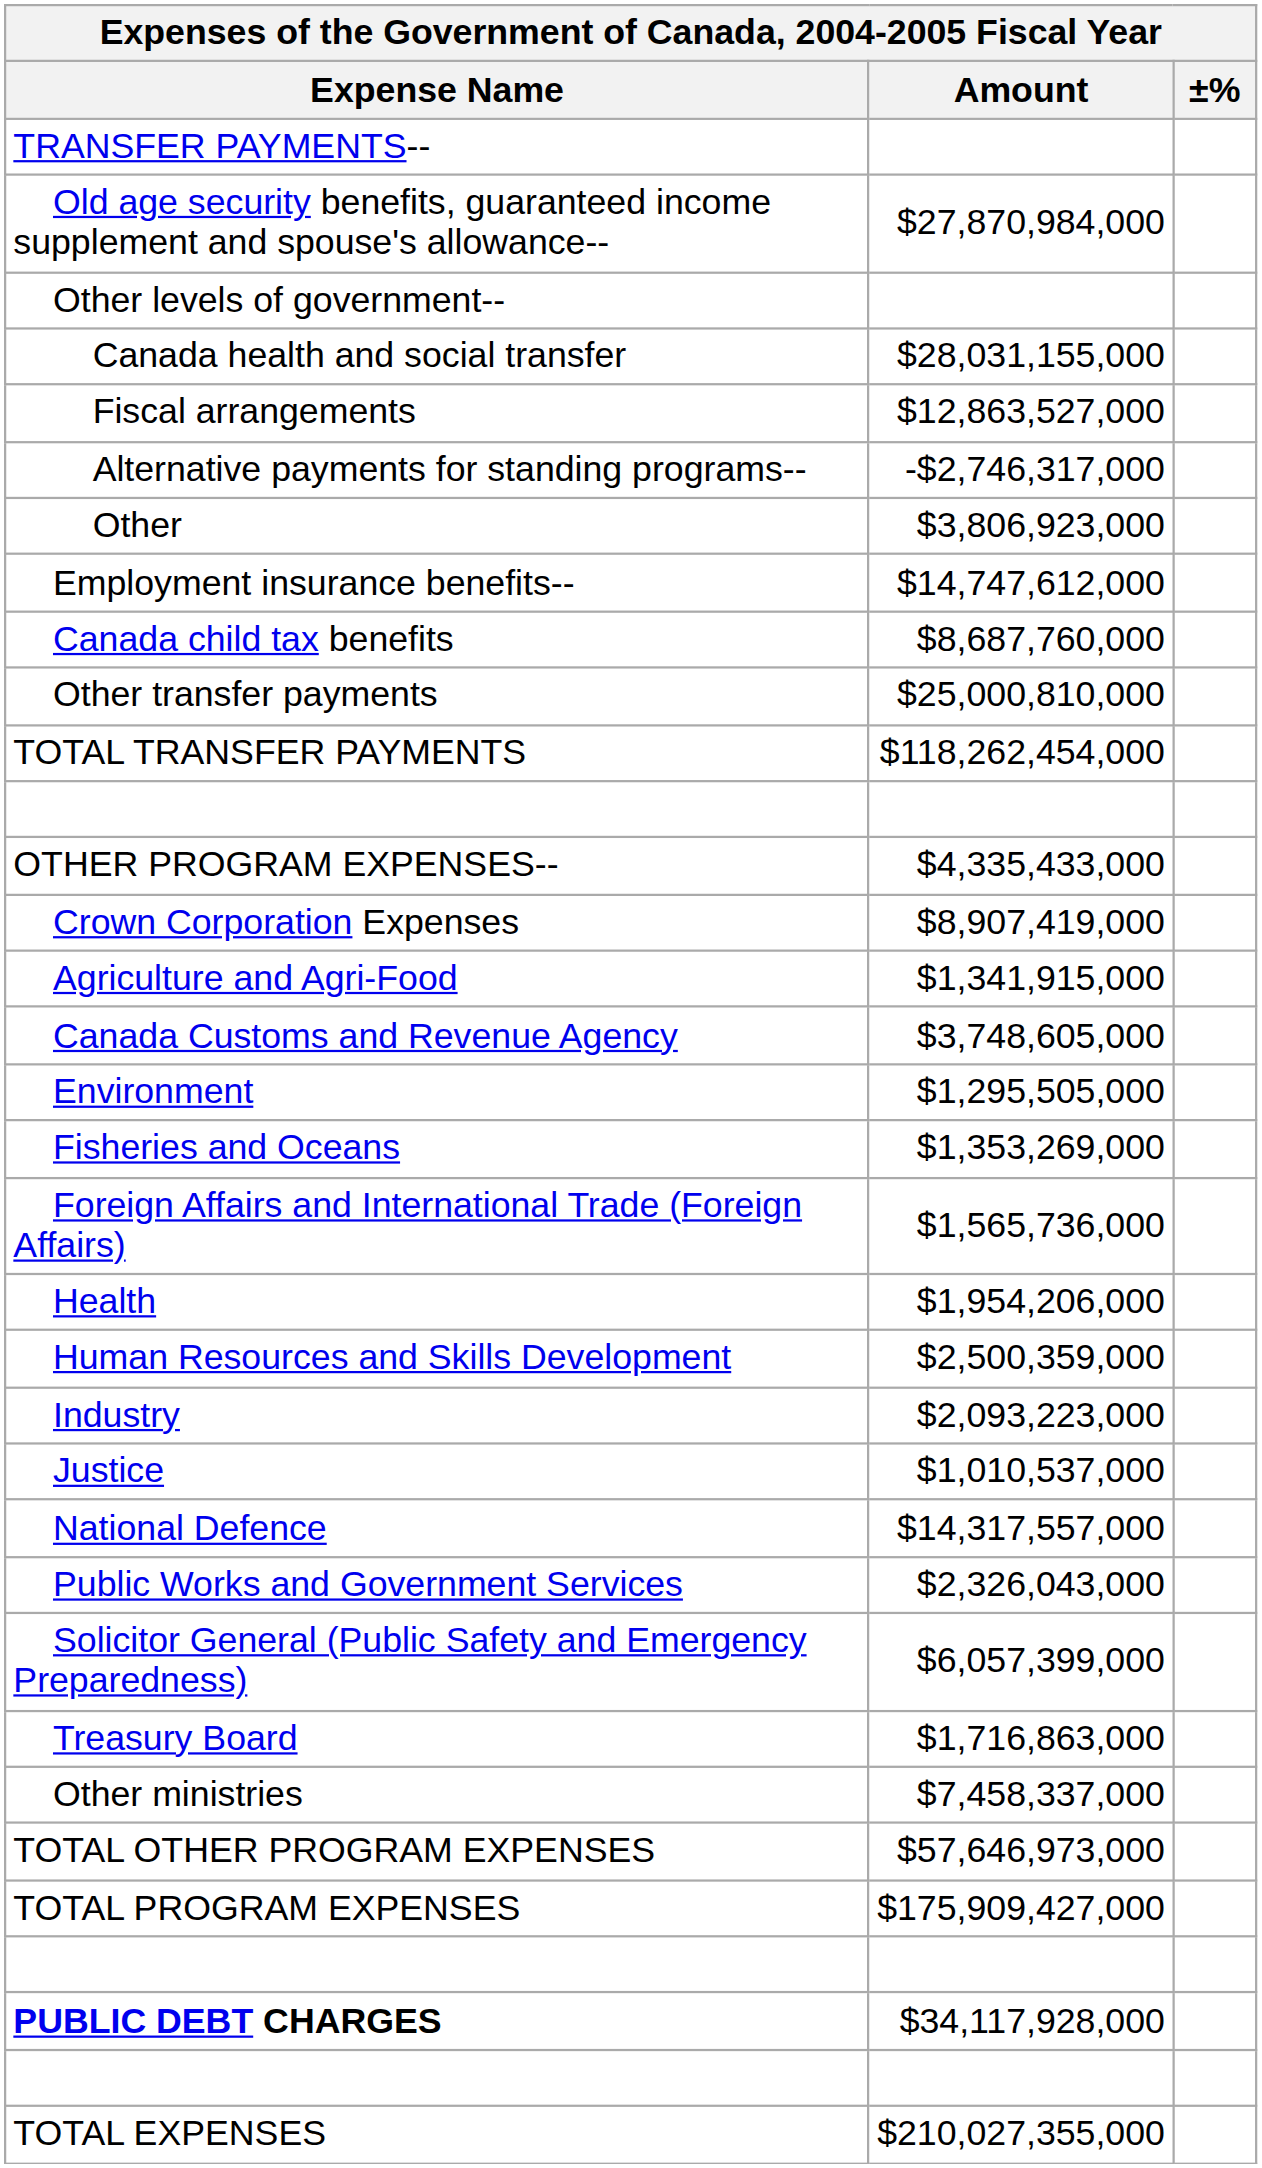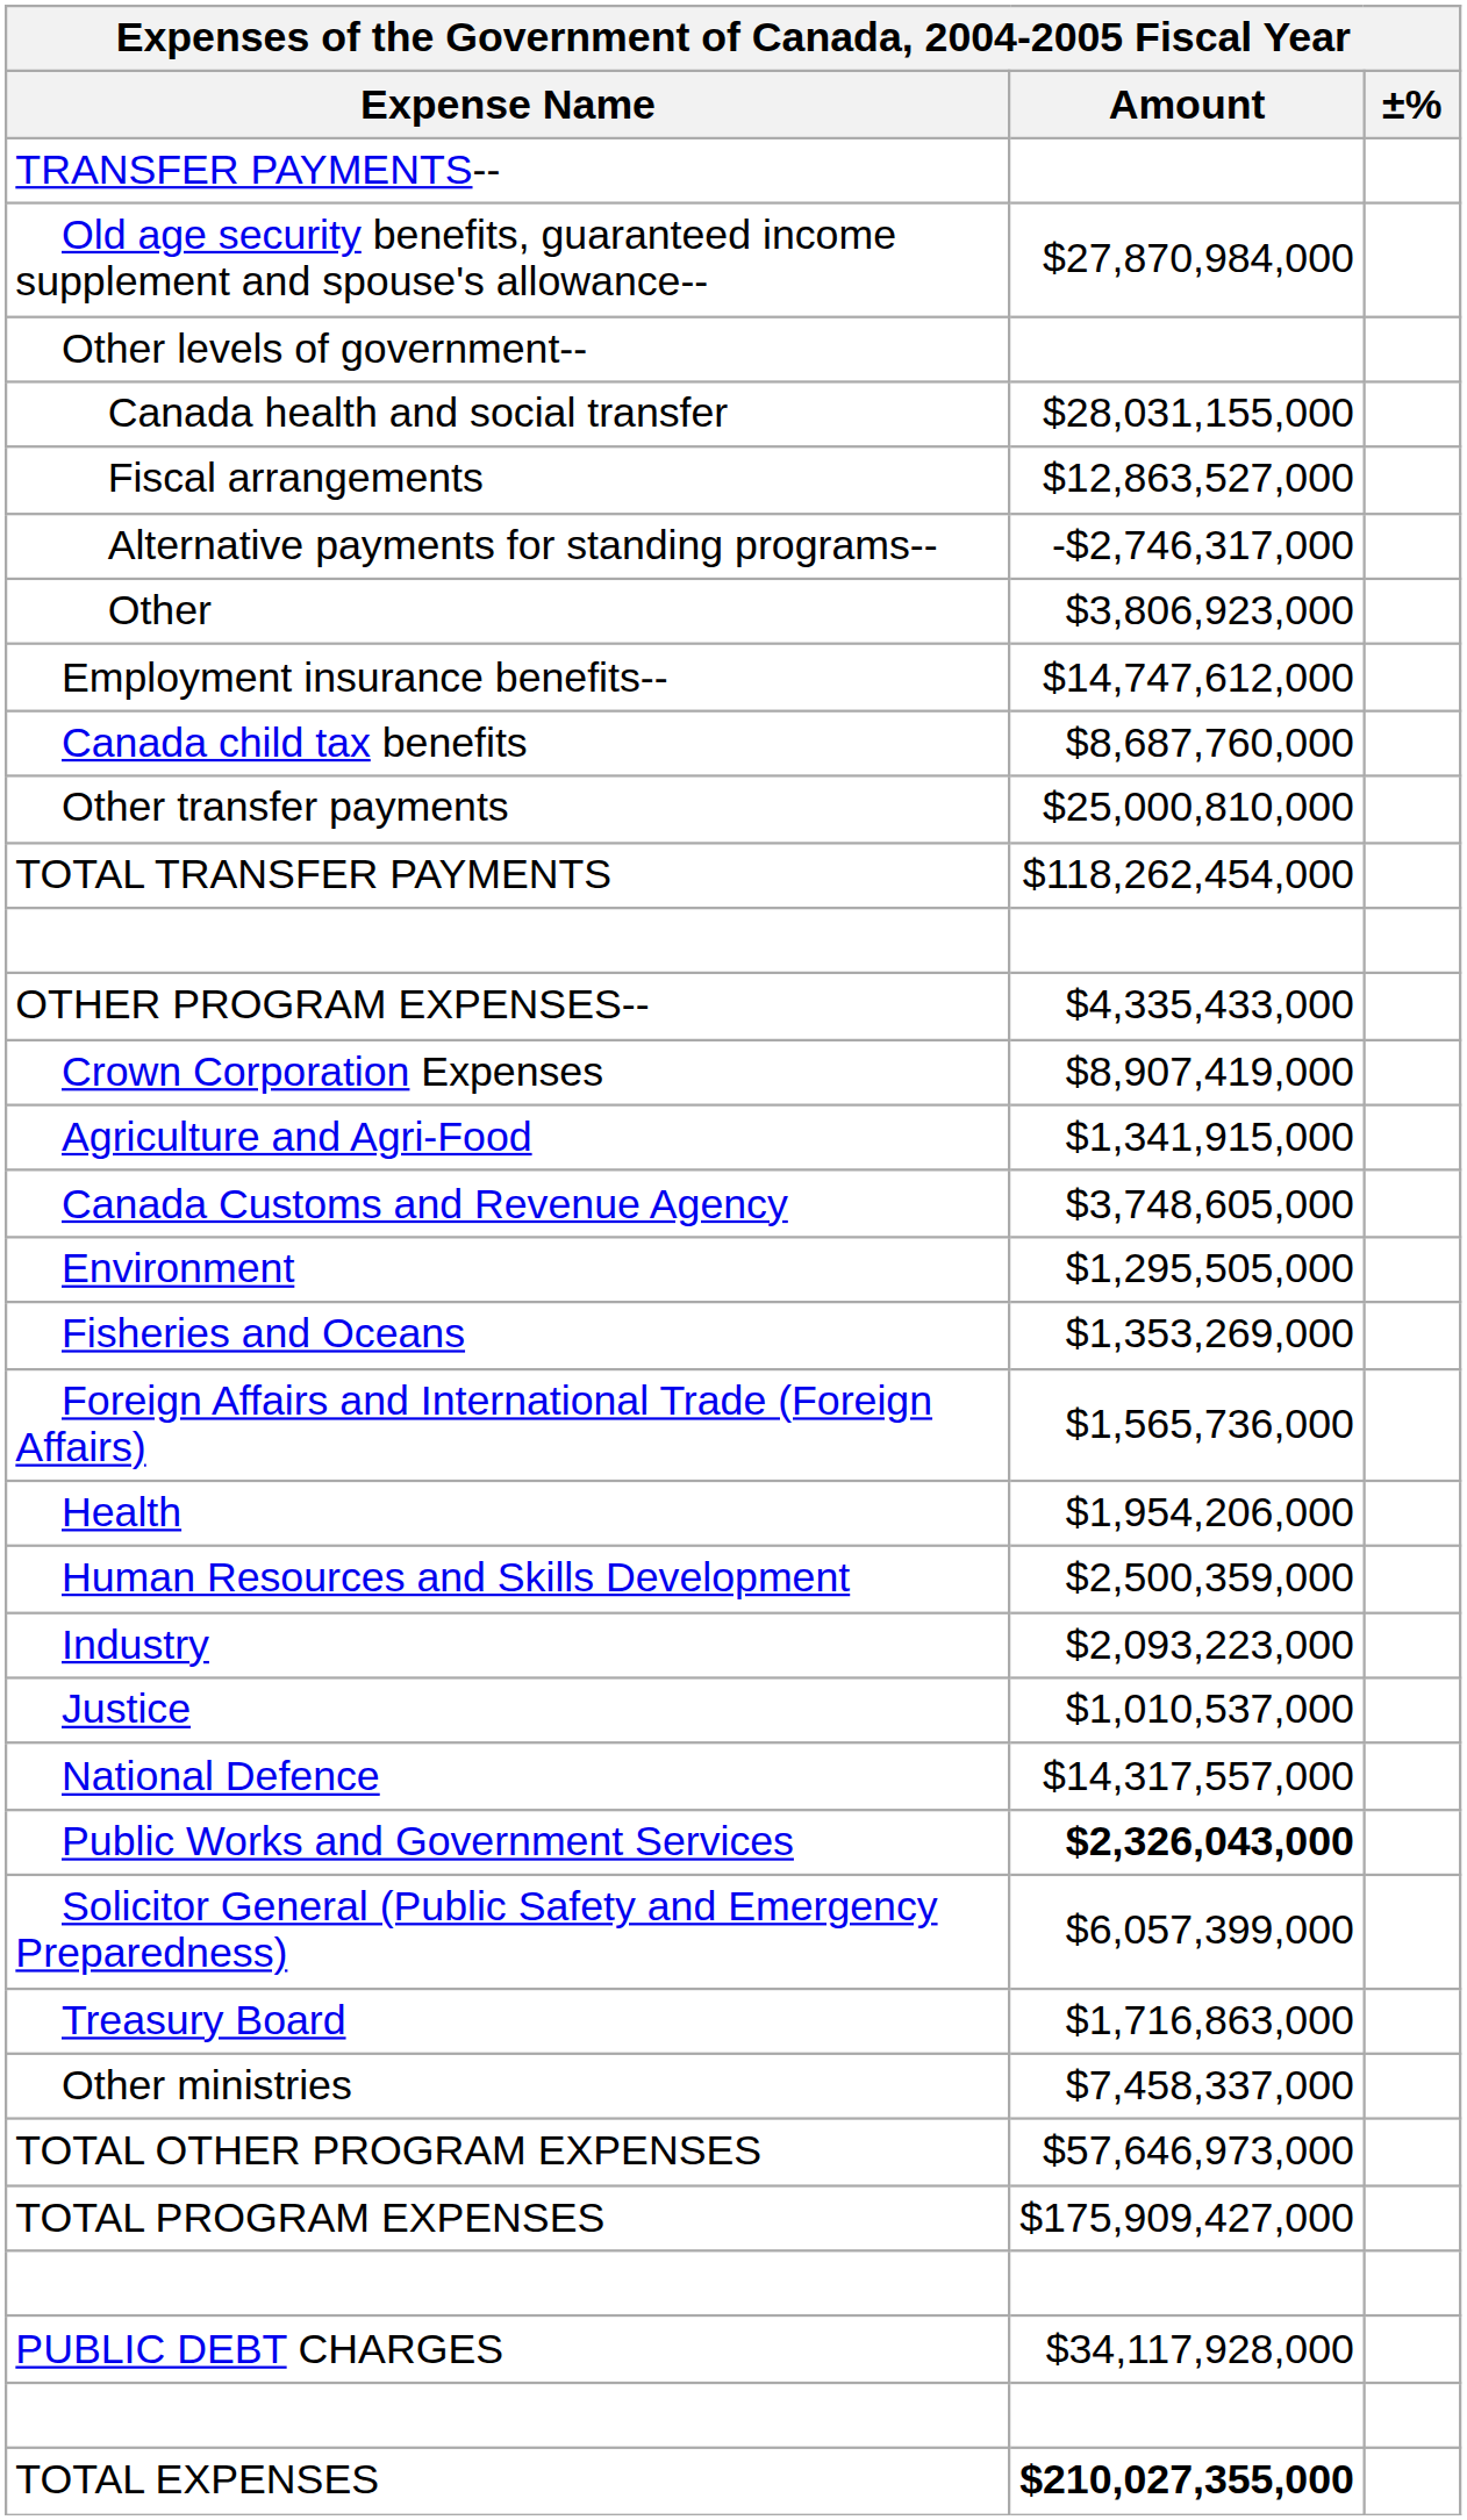 <table class="wikitable">
 <tr>
 <th colspan="7">Expenses of the Government of Canada, 2004-2005 Fiscal Year</th>
 </tr>
 <tr>
 <th style="width: 380px">Expense Name</th>
 <th style="width: 110px">Amount</th>
 <th style="width: 30px">±%</th>
 </tr>
 <tr bgcolor="white">
 <td><a href='#'>TRANSFER PAYMENTS</a>--</td>
 <td align="right"></td>
 <td align="center"></td>
 </tr>
 <tr bgcolor="white">
 <td>    <a href='#'>Old age security</a> benefits, guaranteed income supplement and spouse's allowance--</td>
 <td align="right">$27,870,984,000</td>
 <td align="center"></td>
 </tr>
 <tr bgcolor="white">
 <td>    Other levels of government--</td>
 <td align="right"></td>
 <td align="center"></td>
 </tr>
 <tr bgcolor="white">
 <td>        Canada health and social transfer</td>
 <td align="right">$28,031,155,000</td>
 <td align="center"></td>
 </tr>
 <tr bgcolor="white">
 <td>        Fiscal arrangements</td>
 <td align="right">$12,863,527,000</td>
 <td align="center"></td>
 </tr>
 <tr bgcolor="white">
 <td>        Alternative payments for standing programs--</td>
 <td align="right">-$2,746,317,000</td>
 <td align="center"></td>
 </tr>
 <tr bgcolor="white">
 <td>        Other</td>
 <td align="right">$3,806,923,000</td>
 <td align="center"></td>
 </tr>
 <tr bgcolor="white">
 <td>    Employment insurance benefits--</td>
 <td align="right">$14,747,612,000</td>
 <td align="center"></td>
 </tr>
 <tr bgcolor="white">
 <td>    <a href='#'>Canada child tax</a> benefits</td>
 <td align="right">$8,687,760,000</td>
 <td align="center"></td>
 </tr>
 <tr bgcolor="white">
 <td>    Other transfer payments</td>
 <td align="right">$25,000,810,000</td>
 <td align="center"></td>
 </tr>
 <tr bgcolor="white">
 <td>TOTAL TRANSFER PAYMENTS</td>
 <td align="right">$118,262,454,000</td>
 <td align="center"></td>
 </tr>
 <tr bgcolor="white">
 <td> </td>
 <td align="right"></td>
 <td align="center"></td>
 </tr>
 <tr bgcolor="white">
 <td>OTHER PROGRAM EXPENSES--</td>
 <td align="right">$4,335,433,000</td>
 <td align="center"></td>
 </tr>
 <tr bgcolor="white">
 <td>    <a href='#'>Crown Corporation</a> Expenses</td>
 <td align="right">$8,907,419,000</td>
 <td align="center"></td>
 </tr>
 <tr bgcolor="white">
 <td>    <a href='#'>Agriculture and Agri-Food</a></td>
 <td align="right">$1,341,915,000</td>
 <td align="center"></td>
 </tr>
 <tr bgcolor="white">
 <td>    <a href='#'>Canada Customs and Revenue Agency</a></td>
 <td align="right">$3,748,605,000</td>
 <td align="center"></td>
 </tr>
 <tr bgcolor="white">
 <td>    <a href='#'>Environment</a></td>
 <td align="right">$1,295,505,000</td>
 <td align="center"></td>
 </tr>
 <tr bgcolor="white">
 <td>    <a href='#'>Fisheries and Oceans</a></td>
 <td align="right">$1,353,269,000</td>
 <td align="center"></td>
 </tr>
 <tr bgcolor="white">
 <td>    <a href='#'>Foreign Affairs and International Trade (Foreign Affairs)</a></td>
 <td align="right">$1,565,736,000</td>
 <td align="center"></td>
 </tr>
 <tr bgcolor="white">
 <td>    <a href='#'>Health</a></td>
 <td align="right">$1,954,206,000</td>
 <td align="center"></td>
 </tr>
 <tr bgcolor="white">
 <td>    <a href='#'>Human Resources and Skills Development</a></td>
 <td align="right">$2,500,359,000</td>
 <td align="center"></td>
 </tr>
 <tr bgcolor="white">
 <td>    <a href='#'>Industry</a></td>
 <td align="right">$2,093,223,000</td>
 <td align="center"></td>
 </tr>
 <tr bgcolor="white">
 <td>    <a href='#'>Justice</a></td>
 <td align="right">$1,010,537,000</td>
 <td align="center"></td>
 </tr>
 <tr bgcolor="white">
 <td>    <a href='#'>National Defence</a></td>
 <td align="right">$14,317,557,000</td>
 <td align="center"></td>
 </tr>
 <tr bgcolor="white">
 <td>    <a href='#'>Public Works and Government Services</a></td>
-<td align="right">$2,326,043,000</td>
+<td align="right"><strong>$2,326,043,000</strong></td>
 <td align="center"></td>
 </tr>
 <tr bgcolor="white">
 <td>    <a href='#'>Solicitor General (Public Safety and Emergency Preparedness)</a></td>
 <td align="right">$6,057,399,000</td>
 <td align="center"></td>
 </tr>
 <tr bgcolor="white">
 <td>    <a href='#'>Treasury Board</a></td>
 <td align="right">$1,716,863,000</td>
 <td align="center"></td>
 </tr>
 <tr bgcolor="white">
 <td>    Other ministries</td>
 <td align="right">$7,458,337,000</td>
 <td align="center"></td>
 </tr>
 <tr bgcolor="white">
 <td>TOTAL OTHER PROGRAM EXPENSES</td>
 <td align="right">$57,646,973,000</td>
 <td align="center"></td>
 </tr>
 <tr bgcolor="white">
 <td>TOTAL PROGRAM EXPENSES</td>
 <td align="right">$175,909,427,000</td>
 <td align="center"></td>
 </tr>
 <tr bgcolor="white">
 <td> </td>
 <td align="right"></td>
 <td align="center"></td>
 </tr>
 <tr bgcolor="white">
-<td><strong><a href='#'>PUBLIC DEBT</a> CHARGES</strong></td>
+<td><a href='#'>PUBLIC DEBT</a> CHARGES</td>
 <td align="right">$34,117,928,000</td>
 <td align="center"></td>
 </tr>
 <tr bgcolor="white">
 <td> </td>
 <td align="right"></td>
 <td align="center"></td>
 </tr>
 <tr bgcolor="white">
 <td>TOTAL EXPENSES</td>
-<td align="right">$210,027,355,000</td>
+<td align="right"><strong>$210,027,355,000</strong></td>
 <td align="center"></td>
 </tr>
 </table>
